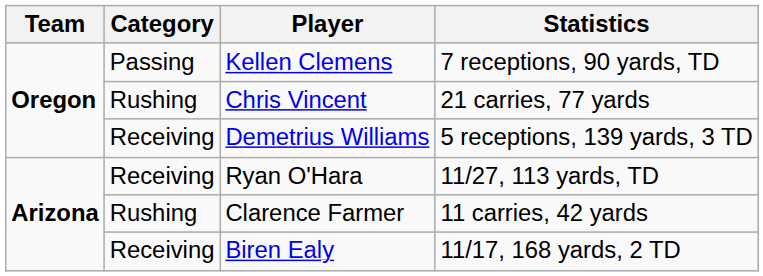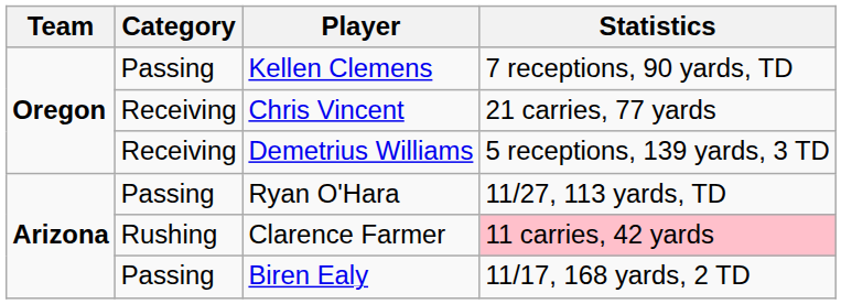 <table class="wikitable" style="float: right;">
 <tr>
 <th>Team</th>
 <th>Category</th>
 <th>Player</th>
 <th>Statistics</th>
 </tr>
 <tr>
 <td rowspan=3><strong>Oregon</strong></td>
 <td>Passing</td>
 <td><a href='#'>Kellen Clemens</a></td>
 <td>7 receptions, 90 yards, TD</td>
 </tr>
 <tr>
-<td>Rushing</td>
+<td>Receiving</td>
 <td><a href='#'>Chris Vincent</a></td>
 <td>21 carries, 77 yards</td>
 </tr>
 <tr>
 <td>Receiving</td>
 <td><a href='#'>Demetrius Williams</a></td>
 <td>5 receptions, 139 yards, 3 TD</td>
 </tr>
 <tr>
 <td rowspan=3><strong>Arizona</strong></td>
-<td>Receiving</td>
+<td>Passing</td>
 <td>Ryan O'Hara</td>
 <td>11/27, 113 yards, TD</td>
 </tr>
 <tr>
 <td>Rushing</td>
 <td>Clarence Farmer</td>
-<td>11 carries, 42 yards</td>
+<td style="background: pink;">11 carries, 42 yards</td>
 </tr>
 <tr>
-<td>Receiving</td>
+<td>Passing</td>
 <td><a href='#'>Biren Ealy</a></td>
 <td>11/17, 168 yards, 2 TD</td>
 </tr>
 </table>
